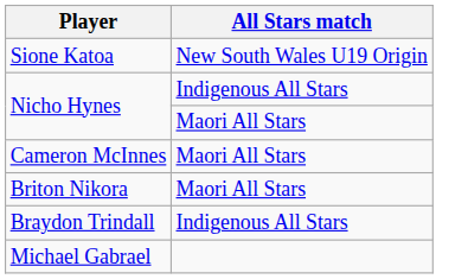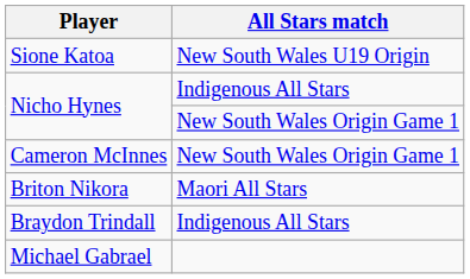 <table class="wikitable">
 <tr>
 <th>Player</th>
 <th><a href='#'>All Stars match</a></th>
 </tr>
 <tr>
 <td><a href='#'>Sione Katoa</a></td>
 <td> <a href='#'>New South Wales U19 Origin</a></td>
 </tr>
 <tr>
 <td rowspan="2"><a href='#'>Nicho Hynes</a></td>
 <td> <a href='#'>Indigenous All Stars</a></td>
 </tr>
 <tr>
-<td> <a href='#'>Maori All Stars</a></td>
+<td> <a href='#'>New South Wales Origin Game 1</a></td>
 </tr>
 <tr>
 <td><a href='#'>Cameron McInnes</a></td>
-<td> <a href='#'>Maori All Stars</a></td>
+<td> <a href='#'>New South Wales Origin Game 1</a></td>
 </tr>
 <tr>
 <td><a href='#'>Briton Nikora</a></td>
 <td> <a href='#'>Maori All Stars</a></td>
 </tr>
 <tr>
 <td><a href='#'>Braydon Trindall</a></td>
 <td> <a href='#'>Indigenous All Stars</a></td>
 </tr>
 <tr>
 <td><a href='#'>Michael Gabrael</a></td>
 <td></td>
 </tr>
 </table>
